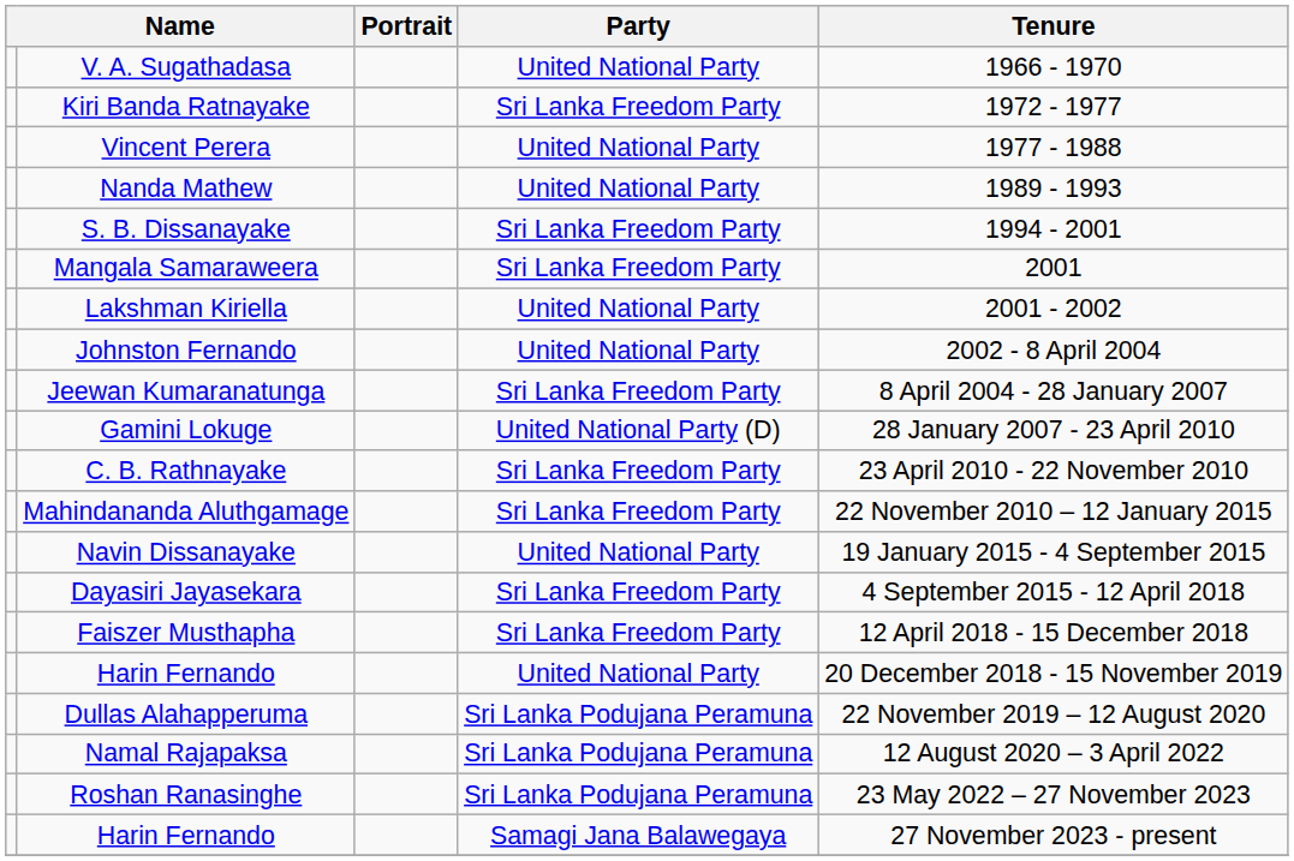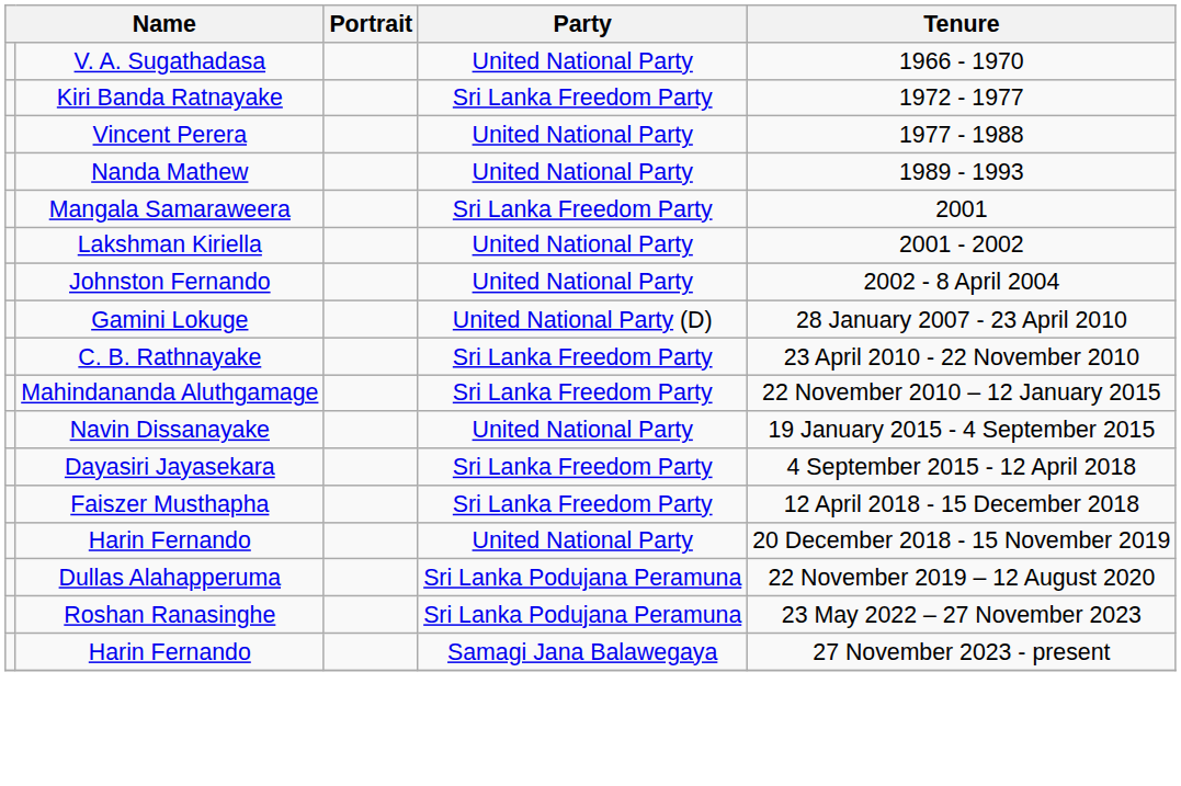 <table class="wikitable" style="margin:1em auto; font-size:90%; text-align:center;">
 <tr>
 <th colspan="2">Name</th>
 <th>Portrait</th>
 <th>Party</th>
 <th>Tenure</th>
 </tr>
 <tr>
 <td !align="centre" style="background:"></td>
 <td><a href='#'>V. A. Sugathadasa</a></td>
 <td></td>
 <td><a href='#'>United National Party</a></td>
 <td>1966 - 1970</td>
 </tr>
 <tr>
 <td !align="centre" style="background:"></td>
 <td><a href='#'>Kiri Banda Ratnayake</a></td>
 <td></td>
 <td><a href='#'>Sri Lanka Freedom Party</a></td>
 <td>1972 - 1977</td>
 </tr>
 <tr>
 <td !align="centre" style="background:"></td>
 <td><a href='#'>Vincent Perera</a></td>
 <td></td>
 <td><a href='#'>United National Party</a></td>
 <td>1977 - 1988</td>
 </tr>
 <tr>
 <td !align="centre" style="background:"></td>
 <td><a href='#'>Nanda Mathew</a></td>
 <td></td>
 <td><a href='#'>United National Party</a></td>
 <td>1989 - 1993</td>
 </tr>
 <tr>
 <td rowspan="1" !align="centre" style="background:"></td>
-<td><a href='#'>S. B. Dissanayake</a></td>
-<td></td>
-<td><a href='#'>Sri Lanka Freedom Party</a></td>
-<td>1994 - 2001</td>
-</tr>
-<tr>
-<td rowspan="1" !align="centre" style="background:"></td>
 <td><a href='#'>Mangala Samaraweera</a></td>
 <td></td>
 <td><a href='#'>Sri Lanka Freedom Party</a></td>
 <td>2001</td>
 </tr>
 <tr>
 <td rowspan="1" !align="centre" style="background:"></td>
 <td><a href='#'>Lakshman Kiriella</a></td>
 <td></td>
 <td><a href='#'>United National Party</a></td>
 <td>2001 - 2002</td>
 </tr>
 <tr>
 <td rowspan="1" !align="centre" style="background:"></td>
 <td><a href='#'>Johnston Fernando</a></td>
 <td></td>
 <td><a href='#'>United National Party</a></td>
 <td>2002 - 8 April 2004</td>
-</tr>
-<tr>
-<td !align="centre" style="background:"></td>
-<td><a href='#'>Jeewan Kumaranatunga</a></td>
-<td></td>
-<td><a href='#'>Sri Lanka Freedom Party</a></td>
-<td>8 April 2004 - 28 January 2007</td>
 </tr>
 <tr>
 <td !align="centre" style="background:"></td>
 <td><a href='#'>Gamini Lokuge</a></td>
 <td></td>
 <td><a href='#'>United National Party</a> (D)</td>
 <td>28 January 2007 - 23 April 2010</td>
 </tr>
 <tr>
 <td rowspan="1" !align="centre" style="background:"></td>
 <td><a href='#'>C. B. Rathnayake</a></td>
 <td></td>
 <td><a href='#'>Sri Lanka Freedom Party</a></td>
 <td>23 April 2010 - 22 November 2010</td>
 </tr>
 <tr>
 <td rowspan="1" !align="centre" style="background:"></td>
 <td><a href='#'>Mahindananda Aluthgamage</a></td>
 <td></td>
 <td><a href='#'>Sri Lanka Freedom Party</a></td>
 <td>22 November 2010 – 12 January 2015</td>
 </tr>
 <tr>
 <td !align="centre" style="background:"></td>
 <td><a href='#'>Navin Dissanayake</a></td>
 <td></td>
 <td><a href='#'>United National Party</a></td>
 <td>19 January 2015 - 4 September 2015</td>
 </tr>
 <tr>
 <td rowspan="1" !align="centre" style="background:"></td>
 <td><a href='#'>Dayasiri Jayasekara</a></td>
 <td></td>
 <td><a href='#'>Sri Lanka Freedom Party</a></td>
 <td>4 September 2015 - 12 April 2018</td>
 </tr>
 <tr>
 <td rowspan="1" !align="centre" style="background:"></td>
 <td><a href='#'>Faiszer Musthapha</a></td>
 <td></td>
 <td><a href='#'>Sri Lanka Freedom Party</a></td>
 <td>12 April 2018 - 15 December 2018</td>
 </tr>
 <tr>
 <td !align="centre" style="background:"></td>
 <td><a href='#'>Harin Fernando</a></td>
 <td></td>
 <td><a href='#'>United National Party</a></td>
 <td>20 December 2018 - 15 November 2019</td>
 </tr>
 <tr>
 <td !align="centre" style="background:"></td>
 <td><a href='#'>Dullas Alahapperuma</a></td>
 <td></td>
 <td><a href='#'>Sri Lanka Podujana Peramuna</a></td>
 <td>22 November 2019 – 12 August 2020</td>
 </tr>
 <tr>
 <td !align="centre" style="background:"></td>
-<td><a href='#'>Namal Rajapaksa</a></td>
-<td></td>
-<td><a href='#'>Sri Lanka Podujana Peramuna</a></td>
-<td>12 August 2020 – 3 April 2022</td>
-</tr>
-<tr>
-<td !align="centre" style="background:"></td>
 <td><a href='#'>Roshan Ranasinghe</a></td>
 <td></td>
 <td><a href='#'>Sri Lanka Podujana Peramuna</a></td>
 <td>23 May 2022 – 27 November 2023</td>
 </tr>
 <tr>
 <td !align="centre" style="background:"></td>
 <td><a href='#'>Harin Fernando</a></td>
 <td></td>
 <td><a href='#'>Samagi Jana Balawegaya</a></td>
 <td>27 November 2023 - present</td>
 </tr>
 <tr>
 </tr>
 </table>
